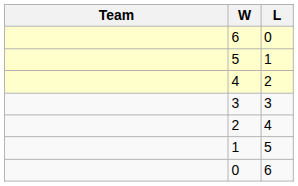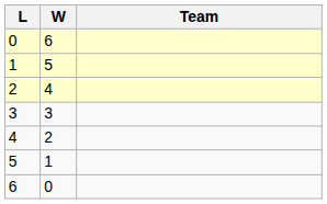 <table class="wikitable">
 <tr>
+<th width="30px">L</th>
+<th width="30px">W</th>
 <th width="250px">Team</th>
-<th width="30px">W</th>
-<th width="30px">L</th>
 </tr>
 <tr bgcolor=#ffffcc>
+<td>0</td>
+<td>6</td>
 <td></td>
+</tr>
+<tr bgcolor=#ffffcc>
+<td>1</td>
+<td>5</td>
+<td></td>
+</tr>
+<tr bgcolor=#ffffcc>
+<td>2</td>
+<td>4</td>
+<td></td>
+</tr>
+<tr>
+<td>3</td>
+<td>3</td>
+<td></td>
+</tr>
+<tr>
+<td>4</td>
+<td>2</td>
+<td></td>
+</tr>
+<tr>
+<td>5</td>
+<td>1</td>
+<td></td>
+</tr>
+<tr>
 <td>6</td>
 <td>0</td>
-</tr>
-<tr bgcolor=#ffffcc>
 <td></td>
-<td>5</td>
-<td>1</td>
-</tr>
-<tr bgcolor=#ffffcc>
-<td></td>
-<td>4</td>
-<td>2</td>
-</tr>
-<tr>
-<td></td>
-<td>3</td>
-<td>3</td>
-</tr>
-<tr>
-<td></td>
-<td>2</td>
-<td>4</td>
-</tr>
-<tr>
-<td></td>
-<td>1</td>
-<td>5</td>
-</tr>
-<tr>
-<td></td>
-<td>0</td>
-<td>6</td>
 </tr>
 </table>
